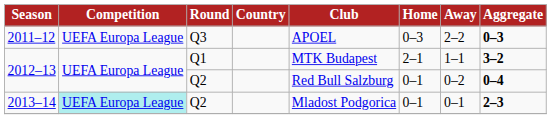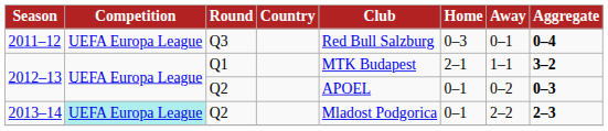 <table class="wikitable">
 <tr>
 <th style="color:white; background:#B22222;">Season</th>
 <th style="color:white; background:#B22222;">Competition</th>
 <th style="color:white; background:#B22222;">Round</th>
 <th style="color:white; background:#B22222;">Country</th>
 <th style="color:white; background:#B22222;">Club</th>
 <th style="color:white; background:#B22222;">Home</th>
 <th style="color:white; background:#B22222;">Away</th>
 <th style="color:white; background:#B22222;">Aggregate</th>
 </tr>
 <tr>
 <td><a href='#'>2011–12</a></td>
 <td><a href='#'>UEFA Europa League</a></td>
 <td>Q3</td>
 <td></td>
-<td><a href='#'>APOEL</a></td>
+<td><a href='#'>Red Bull Salzburg</a></td>
 <td>0–3</td>
-<td>2–2</td>
-<td><strong>0–3</strong></td>
+<td>0–1</td>
+<td><strong>0–4</strong></td>
 </tr>
 <tr>
 <td rowspan="2"><a href='#'>2012–13</a></td>
 <td rowspan="2"><a href='#'>UEFA Europa League</a></td>
 <td>Q1</td>
 <td></td>
 <td><a href='#'>MTK Budapest</a></td>
 <td>2–1</td>
 <td>1–1</td>
 <td><strong>3–2</strong></td>
 </tr>
 <tr>
 <td>Q2</td>
 <td></td>
-<td><a href='#'>Red Bull Salzburg</a></td>
+<td><a href='#'>APOEL</a></td>
 <td>0–1</td>
 <td>0–2</td>
-<td><strong>0–4</strong></td>
+<td><strong>0–3</strong></td>
 </tr>
 <tr>
 <td><a href='#'>2013–14</a></td>
 <td style="background: paleturquoise;"><a href='#'>UEFA Europa League</a></td>
 <td>Q2</td>
 <td></td>
 <td><a href='#'>Mladost Podgorica</a></td>
 <td>0–1</td>
-<td>0–1</td>
+<td>2–2</td>
 <td><strong>2–3</strong></td>
 </tr>
 <tr>
 </tr>
 </table>
